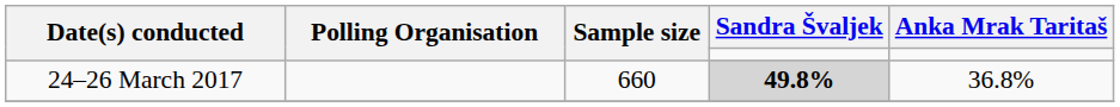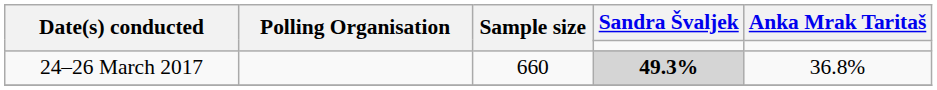 <table class="wikitable" style="text-align:center; font-size:90%;">
 <tr>
 <th style="width:150px;" rowspan=2>Date(s) conducted</th>
 <th style="width:150px;" rowspan=2>Polling Organisation</th>
 <th style="width:75px;" rowspan=2>Sample size</th>
 <th><a href='#'>Sandra Švaljek</a></th>
 <th><a href='#'>Anka Mrak Taritaš</a></th>
 </tr>
 <tr>
 <td style="background: "></td>
 <td style="background: "></td>
 </tr>
 <tr>
 <td>24–26 March 2017</td>
 <td></td>
 <td>660</td>
-<td style="background: #D5D5D5"><strong>49.8%</strong></td>
+<td style="background: #D5D5D5"><strong>49.3%</strong></td>
 <td>36.8%</td>
 </tr>
 <tr>
 </tr>
 </table>
